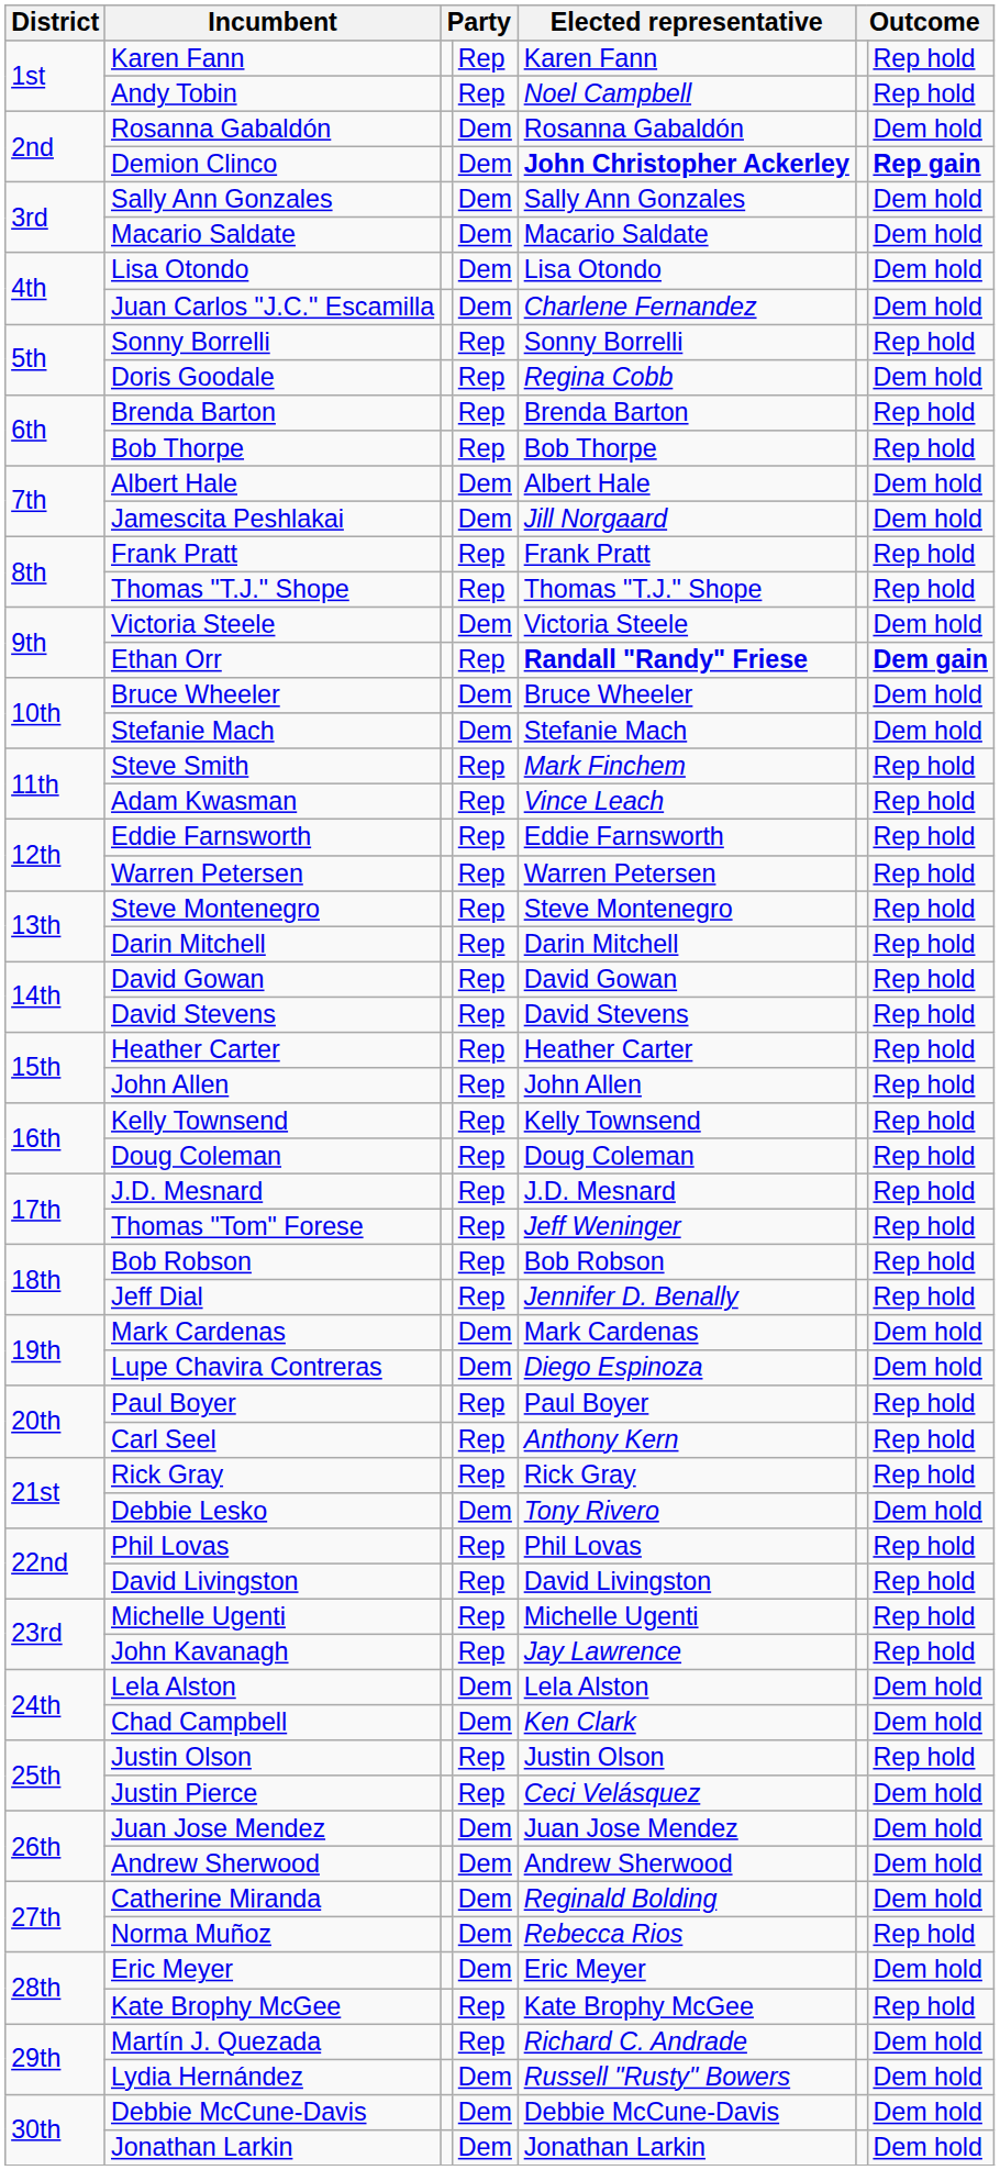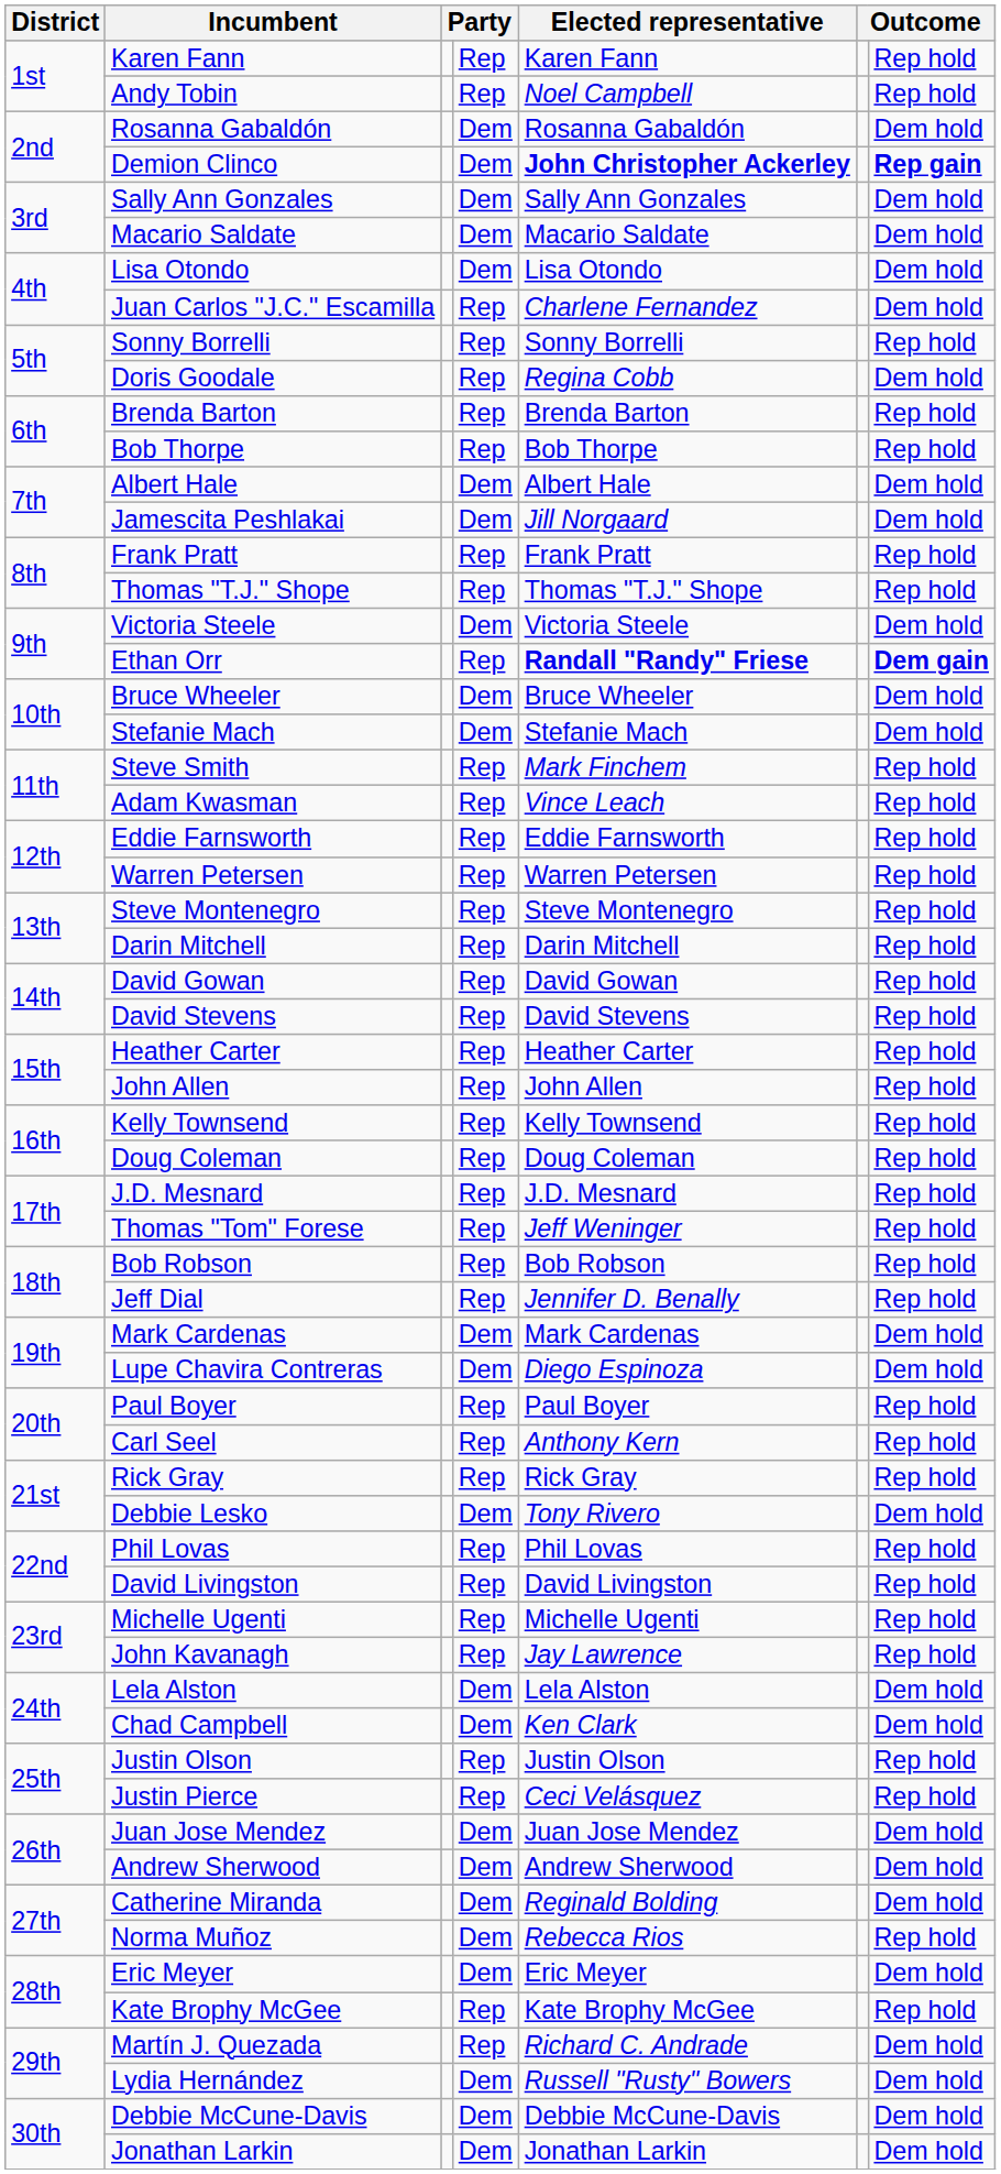 <table class="sortable wikitable" style="font-size:95%;line-height:14px;">
 <tr>
 <th>District</th>
 <th>Incumbent</th>
 <th colspan="2">Party</th>
 <th>Elected representative</th>
 <th colspan="2">Outcome</th>
 </tr>
 <tr>
 <td rowspan="2"><a href='#'>1st</a></td>
 <td><a href='#'>Karen Fann</a></td>
 <td style="background:"></td>
 <td><a href='#'>Rep</a></td>
 <td><a href='#'>Karen Fann</a></td>
 <td style="background:"></td>
 <td><a href='#'>Rep hold</a></td>
 </tr>
 <tr>
 <td><a href='#'>Andy Tobin</a></td>
 <td style="background:"></td>
 <td><a href='#'>Rep</a></td>
 <td><em><a href='#'>Noel Campbell</a></em></td>
 <td style="background:"></td>
 <td><a href='#'>Rep hold</a></td>
 </tr>
 <tr>
 <td rowspan="2"><a href='#'>2nd</a></td>
 <td><a href='#'>Rosanna Gabaldón</a></td>
 <td style="background:"></td>
 <td><a href='#'>Dem</a></td>
 <td><a href='#'>Rosanna Gabaldón</a></td>
 <td style="background:"></td>
 <td><a href='#'>Dem hold</a></td>
 </tr>
 <tr>
 <td><a href='#'>Demion Clinco</a></td>
 <td style="background:"></td>
 <td><a href='#'>Dem</a></td>
 <td><strong><a href='#'>John Christopher Ackerley</a></strong></td>
 <td style="background:"></td>
 <td><strong><a href='#'>Rep gain</a></strong></td>
 </tr>
 <tr>
 <td rowspan="2"><a href='#'>3rd</a></td>
 <td><a href='#'>Sally Ann Gonzales</a></td>
 <td style="background:"></td>
 <td><a href='#'>Dem</a></td>
 <td><a href='#'>Sally Ann Gonzales</a></td>
 <td style="background:"></td>
 <td><a href='#'>Dem hold</a></td>
 </tr>
 <tr>
 <td><a href='#'>Macario Saldate</a></td>
 <td style="background:"></td>
 <td><a href='#'>Dem</a></td>
 <td><a href='#'>Macario Saldate</a></td>
 <td style="background:"></td>
 <td><a href='#'>Dem hold</a></td>
 </tr>
 <tr>
 <td rowspan="2"><a href='#'>4th</a></td>
 <td><a href='#'>Lisa Otondo</a></td>
 <td style="background:"></td>
 <td><a href='#'>Dem</a></td>
 <td><a href='#'>Lisa Otondo</a></td>
 <td style="background:"></td>
 <td><a href='#'>Dem hold</a></td>
 </tr>
 <tr>
 <td><a href='#'>Juan Carlos "J.C." Escamilla</a></td>
 <td style="background:"></td>
-<td><a href='#'>Dem</a></td>
+<td><a href='#'>Rep</a></td>
 <td><em><a href='#'>Charlene Fernandez</a></em></td>
 <td style="background:"></td>
 <td><a href='#'>Dem hold</a></td>
 </tr>
 <tr>
 <td rowspan="2"><a href='#'>5th</a></td>
 <td><a href='#'>Sonny Borrelli</a></td>
 <td style="background:"></td>
 <td><a href='#'>Rep</a></td>
 <td><a href='#'>Sonny Borrelli</a></td>
 <td style="background:"></td>
 <td><a href='#'>Rep hold</a></td>
 </tr>
 <tr>
 <td><a href='#'>Doris Goodale</a></td>
 <td style="background:"></td>
 <td><a href='#'>Rep</a></td>
 <td><em><a href='#'>Regina Cobb</a></em></td>
 <td style="background:"></td>
 <td><a href='#'>Dem hold</a></td>
 </tr>
 <tr>
 <td rowspan="2"><a href='#'>6th</a></td>
 <td><a href='#'>Brenda Barton</a></td>
 <td style="background:"></td>
 <td><a href='#'>Rep</a></td>
 <td><a href='#'>Brenda Barton</a></td>
 <td style="background:"></td>
 <td><a href='#'>Rep hold</a></td>
 </tr>
 <tr>
 <td><a href='#'>Bob Thorpe</a></td>
 <td style="background:"></td>
 <td><a href='#'>Rep</a></td>
 <td><a href='#'>Bob Thorpe</a></td>
 <td style="background:"></td>
 <td><a href='#'>Rep hold</a></td>
 </tr>
 <tr>
 <td rowspan="2"><a href='#'>7th</a></td>
 <td><a href='#'>Albert Hale</a></td>
 <td style="background:"></td>
 <td><a href='#'>Dem</a></td>
 <td><a href='#'>Albert Hale</a></td>
 <td style="background:"></td>
 <td><a href='#'>Dem hold</a></td>
 </tr>
 <tr>
 <td><a href='#'>Jamescita Peshlakai</a></td>
 <td style="background:"></td>
 <td><a href='#'>Dem</a></td>
 <td><em><a href='#'>Jill Norgaard</a></em></td>
 <td style="background:"></td>
 <td><a href='#'>Dem hold</a></td>
 </tr>
 <tr>
 <td rowspan="2"><a href='#'>8th</a></td>
 <td><a href='#'>Frank Pratt</a></td>
 <td style="background:"></td>
 <td><a href='#'>Rep</a></td>
 <td><a href='#'>Frank Pratt</a></td>
 <td style="background:"></td>
 <td><a href='#'>Rep hold</a></td>
 </tr>
 <tr>
 <td><a href='#'>Thomas "T.J." Shope</a></td>
 <td style="background:"></td>
 <td><a href='#'>Rep</a></td>
 <td><a href='#'>Thomas "T.J." Shope</a></td>
 <td style="background:"></td>
 <td><a href='#'>Rep hold</a></td>
 </tr>
 <tr>
 <td rowspan="2"><a href='#'>9th</a></td>
 <td><a href='#'>Victoria Steele</a></td>
 <td style="background:"></td>
 <td><a href='#'>Dem</a></td>
 <td><a href='#'>Victoria Steele</a></td>
 <td style="background:"></td>
 <td><a href='#'>Dem hold</a></td>
 </tr>
 <tr>
 <td><a href='#'>Ethan Orr</a></td>
 <td style="background:"></td>
 <td><a href='#'>Rep</a></td>
 <td><strong><a href='#'>Randall "Randy" Friese</a></strong></td>
 <td style="background:"></td>
 <td><strong><a href='#'>Dem gain</a></strong></td>
 </tr>
 <tr>
 <td rowspan="2"><a href='#'>10th</a></td>
 <td><a href='#'>Bruce Wheeler</a></td>
 <td style="background:"></td>
 <td><a href='#'>Dem</a></td>
 <td><a href='#'>Bruce Wheeler</a></td>
 <td style="background:"></td>
 <td><a href='#'>Dem hold</a></td>
 </tr>
 <tr>
 <td><a href='#'>Stefanie Mach</a></td>
 <td style="background:"></td>
 <td><a href='#'>Dem</a></td>
 <td><a href='#'>Stefanie Mach</a></td>
 <td style="background:"></td>
 <td><a href='#'>Dem hold</a></td>
 </tr>
 <tr>
 <td rowspan="2"><a href='#'>11th</a></td>
 <td><a href='#'>Steve Smith</a></td>
 <td style="background:"></td>
 <td><a href='#'>Rep</a></td>
 <td><em><a href='#'>Mark Finchem</a></em></td>
 <td style="background:"></td>
 <td><a href='#'>Rep hold</a></td>
 </tr>
 <tr>
 <td><a href='#'>Adam Kwasman</a></td>
 <td style="background:"></td>
 <td><a href='#'>Rep</a></td>
 <td><em><a href='#'>Vince Leach</a></em></td>
 <td style="background:"></td>
 <td><a href='#'>Rep hold</a></td>
 </tr>
 <tr>
 <td rowspan="2"><a href='#'>12th</a></td>
 <td><a href='#'>Eddie Farnsworth</a></td>
 <td style="background:"></td>
 <td><a href='#'>Rep</a></td>
 <td><a href='#'>Eddie Farnsworth</a></td>
 <td style="background:"></td>
 <td><a href='#'>Rep hold</a></td>
 </tr>
 <tr>
 <td><a href='#'>Warren Petersen</a></td>
 <td style="background:"></td>
 <td><a href='#'>Rep</a></td>
 <td><a href='#'>Warren Petersen</a></td>
 <td style="background:"></td>
 <td><a href='#'>Rep hold</a></td>
 </tr>
 <tr>
 <td rowspan="2"><a href='#'>13th</a></td>
 <td><a href='#'>Steve Montenegro</a></td>
 <td style="background:"></td>
 <td><a href='#'>Rep</a></td>
 <td><a href='#'>Steve Montenegro</a></td>
 <td style="background:"></td>
 <td><a href='#'>Rep hold</a></td>
 </tr>
 <tr>
 <td><a href='#'>Darin Mitchell</a></td>
 <td style="background:"></td>
 <td><a href='#'>Rep</a></td>
 <td><a href='#'>Darin Mitchell</a></td>
 <td style="background:"></td>
 <td><a href='#'>Rep hold</a></td>
 </tr>
 <tr>
 <td rowspan="2"><a href='#'>14th</a></td>
 <td><a href='#'>David Gowan</a></td>
 <td style="background:"></td>
 <td><a href='#'>Rep</a></td>
 <td><a href='#'>David Gowan</a></td>
 <td style="background:"></td>
 <td><a href='#'>Rep hold</a></td>
 </tr>
 <tr>
 <td><a href='#'>David Stevens</a></td>
 <td style="background:"></td>
 <td><a href='#'>Rep</a></td>
 <td><a href='#'>David Stevens</a></td>
 <td style="background:"></td>
 <td><a href='#'>Rep hold</a></td>
 </tr>
 <tr>
 <td rowspan="2"><a href='#'>15th</a></td>
 <td><a href='#'>Heather Carter</a></td>
 <td style="background:"></td>
 <td><a href='#'>Rep</a></td>
 <td><a href='#'>Heather Carter</a></td>
 <td style="background:"></td>
 <td><a href='#'>Rep hold</a></td>
 </tr>
 <tr>
 <td><a href='#'>John Allen</a></td>
 <td style="background:"></td>
 <td><a href='#'>Rep</a></td>
 <td><a href='#'>John Allen</a></td>
 <td style="background:"></td>
 <td><a href='#'>Rep hold</a></td>
 </tr>
 <tr>
 <td rowspan="2"><a href='#'>16th</a></td>
 <td><a href='#'>Kelly Townsend</a></td>
 <td style="background:"></td>
 <td><a href='#'>Rep</a></td>
 <td><a href='#'>Kelly Townsend</a></td>
 <td style="background:"></td>
 <td><a href='#'>Rep hold</a></td>
 </tr>
 <tr>
 <td><a href='#'>Doug Coleman</a></td>
 <td style="background:"></td>
 <td><a href='#'>Rep</a></td>
 <td><a href='#'>Doug Coleman</a></td>
 <td style="background:"></td>
 <td><a href='#'>Rep hold</a></td>
 </tr>
 <tr>
 <td rowspan="2"><a href='#'>17th</a></td>
 <td><a href='#'>J.D. Mesnard</a></td>
 <td style="background:"></td>
 <td><a href='#'>Rep</a></td>
 <td><a href='#'>J.D. Mesnard</a></td>
 <td style="background:"></td>
 <td><a href='#'>Rep hold</a></td>
 </tr>
 <tr>
 <td><a href='#'>Thomas "Tom" Forese</a></td>
 <td style="background:"></td>
 <td><a href='#'>Rep</a></td>
 <td><em><a href='#'>Jeff Weninger</a></em></td>
 <td style="background:"></td>
 <td><a href='#'>Rep hold</a></td>
 </tr>
 <tr>
 <td rowspan="2"><a href='#'>18th</a></td>
 <td><a href='#'>Bob Robson</a></td>
 <td style="background:"></td>
 <td><a href='#'>Rep</a></td>
 <td><a href='#'>Bob Robson</a></td>
 <td style="background:"></td>
 <td><a href='#'>Rep hold</a></td>
 </tr>
 <tr>
 <td><a href='#'>Jeff Dial</a></td>
 <td style="background:"></td>
 <td><a href='#'>Rep</a></td>
 <td><em><a href='#'>Jennifer D. Benally</a></em></td>
 <td style="background:"></td>
 <td><a href='#'>Rep hold</a></td>
 </tr>
 <tr>
 <td rowspan="2"><a href='#'>19th</a></td>
 <td><a href='#'>Mark Cardenas</a></td>
 <td style="background:"></td>
 <td><a href='#'>Dem</a></td>
 <td><a href='#'>Mark Cardenas</a></td>
 <td style="background:"></td>
 <td><a href='#'>Dem hold</a></td>
 </tr>
 <tr>
 <td><a href='#'>Lupe Chavira Contreras</a></td>
 <td style="background:"></td>
 <td><a href='#'>Dem</a></td>
 <td><em><a href='#'>Diego Espinoza</a></em></td>
 <td style="background:"></td>
 <td><a href='#'>Dem hold</a></td>
 </tr>
 <tr>
 <td rowspan="2"><a href='#'>20th</a></td>
 <td><a href='#'>Paul Boyer</a></td>
 <td style="background:"></td>
 <td><a href='#'>Rep</a></td>
 <td><a href='#'>Paul Boyer</a></td>
 <td style="background:"></td>
 <td><a href='#'>Rep hold</a></td>
 </tr>
 <tr>
 <td><a href='#'>Carl Seel</a></td>
 <td style="background:"></td>
 <td><a href='#'>Rep</a></td>
 <td><em><a href='#'>Anthony Kern</a></em></td>
 <td style="background:"></td>
 <td><a href='#'>Rep hold</a></td>
 </tr>
 <tr>
 <td rowspan="2"><a href='#'>21st</a></td>
 <td><a href='#'>Rick Gray</a></td>
 <td style="background:"></td>
 <td><a href='#'>Rep</a></td>
 <td><a href='#'>Rick Gray</a></td>
 <td style="background:"></td>
 <td><a href='#'>Rep hold</a></td>
 </tr>
 <tr>
 <td><a href='#'>Debbie Lesko</a></td>
 <td style="background:"></td>
 <td><a href='#'>Dem</a></td>
 <td><em><a href='#'>Tony Rivero</a></em></td>
 <td style="background:"></td>
 <td><a href='#'>Dem hold</a></td>
 </tr>
 <tr>
 <td rowspan="2"><a href='#'>22nd</a></td>
 <td><a href='#'>Phil Lovas</a></td>
 <td style="background:"></td>
 <td><a href='#'>Rep</a></td>
 <td><a href='#'>Phil Lovas</a></td>
 <td style="background:"></td>
 <td><a href='#'>Rep hold</a></td>
 </tr>
 <tr>
 <td><a href='#'>David Livingston</a></td>
 <td style="background:"></td>
 <td><a href='#'>Rep</a></td>
 <td><a href='#'>David Livingston</a></td>
 <td style="background:"></td>
 <td><a href='#'>Rep hold</a></td>
 </tr>
 <tr>
 <td rowspan="2"><a href='#'>23rd</a></td>
 <td><a href='#'>Michelle Ugenti</a></td>
 <td style="background:"></td>
 <td><a href='#'>Rep</a></td>
 <td><a href='#'>Michelle Ugenti</a></td>
 <td style="background:"></td>
 <td><a href='#'>Rep hold</a></td>
 </tr>
 <tr>
 <td><a href='#'>John Kavanagh</a></td>
 <td style="background:"></td>
 <td><a href='#'>Rep</a></td>
 <td><em><a href='#'>Jay Lawrence</a></em></td>
 <td style="background:"></td>
 <td><a href='#'>Rep hold</a></td>
 </tr>
 <tr>
 <td rowspan="2"><a href='#'>24th</a></td>
 <td><a href='#'>Lela Alston</a></td>
 <td style="background:"></td>
 <td><a href='#'>Dem</a></td>
 <td><a href='#'>Lela Alston</a></td>
 <td style="background:"></td>
 <td><a href='#'>Dem hold</a></td>
 </tr>
 <tr>
 <td><a href='#'>Chad Campbell</a></td>
 <td style="background:"></td>
 <td><a href='#'>Dem</a></td>
 <td><em><a href='#'>Ken Clark</a></em></td>
 <td style="background:"></td>
 <td><a href='#'>Dem hold</a></td>
 </tr>
 <tr>
 <td rowspan="2"><a href='#'>25th</a></td>
 <td><a href='#'>Justin Olson</a></td>
 <td style="background:"></td>
 <td><a href='#'>Rep</a></td>
 <td><a href='#'>Justin Olson</a></td>
 <td style="background:"></td>
 <td><a href='#'>Rep hold</a></td>
 </tr>
 <tr>
 <td><a href='#'>Justin Pierce</a></td>
 <td style="background:"></td>
 <td><a href='#'>Rep</a></td>
 <td><em><a href='#'>Ceci Velásquez</a></em></td>
 <td style="background:"></td>
-<td><a href='#'>Dem hold</a></td>
+<td><a href='#'>Rep hold</a></td>
 </tr>
 <tr>
 <td rowspan="2"><a href='#'>26th</a></td>
 <td><a href='#'>Juan Jose Mendez</a></td>
 <td style="background:"></td>
 <td><a href='#'>Dem</a></td>
 <td><a href='#'>Juan Jose Mendez</a></td>
 <td style="background:"></td>
 <td><a href='#'>Dem hold</a></td>
 </tr>
 <tr>
 <td><a href='#'>Andrew Sherwood</a></td>
 <td style="background:"></td>
 <td><a href='#'>Dem</a></td>
 <td><a href='#'>Andrew Sherwood</a></td>
 <td style="background:"></td>
 <td><a href='#'>Dem hold</a></td>
 </tr>
 <tr>
 <td rowspan="2"><a href='#'>27th</a></td>
 <td><a href='#'>Catherine Miranda</a></td>
 <td style="background:"></td>
 <td><a href='#'>Dem</a></td>
 <td><em><a href='#'>Reginald Bolding</a></em></td>
 <td style="background:"></td>
 <td><a href='#'>Dem hold</a></td>
 </tr>
 <tr>
 <td><a href='#'>Norma Muñoz</a></td>
 <td style="background:"></td>
 <td><a href='#'>Dem</a></td>
 <td><em><a href='#'>Rebecca Rios</a></em></td>
 <td style="background:"></td>
 <td><a href='#'>Rep hold</a></td>
 </tr>
 <tr>
 <td rowspan="2"><a href='#'>28th</a></td>
 <td><a href='#'>Eric Meyer</a></td>
 <td style="background:"></td>
 <td><a href='#'>Dem</a></td>
 <td><a href='#'>Eric Meyer</a></td>
 <td style="background:"></td>
 <td><a href='#'>Dem hold</a></td>
 </tr>
 <tr>
 <td><a href='#'>Kate Brophy McGee</a></td>
 <td style="background:"></td>
 <td><a href='#'>Rep</a></td>
 <td><a href='#'>Kate Brophy McGee</a></td>
 <td style="background:"></td>
 <td><a href='#'>Rep hold</a></td>
 </tr>
 <tr>
 <td rowspan="2"><a href='#'>29th</a></td>
 <td><a href='#'>Martín J. Quezada</a></td>
 <td style="background:"></td>
 <td><a href='#'>Rep</a></td>
 <td><em><a href='#'>Richard C. Andrade</a></em></td>
 <td style="background:"></td>
 <td><a href='#'>Dem hold</a></td>
 </tr>
 <tr>
 <td><a href='#'>Lydia Hernández</a></td>
 <td style="background:"></td>
 <td><a href='#'>Dem</a></td>
 <td><em><a href='#'>Russell "Rusty" Bowers</a></em></td>
 <td style="background:"></td>
 <td><a href='#'>Dem hold</a></td>
 </tr>
 <tr>
 <td rowspan="2"><a href='#'>30th</a></td>
 <td><a href='#'>Debbie McCune-Davis</a></td>
 <td style="background:"></td>
 <td><a href='#'>Dem</a></td>
 <td><a href='#'>Debbie McCune-Davis</a></td>
 <td style="background:"></td>
 <td><a href='#'>Dem hold</a></td>
 </tr>
 <tr>
 <td><a href='#'>Jonathan Larkin</a></td>
 <td style="background:"></td>
 <td><a href='#'>Dem</a></td>
 <td><a href='#'>Jonathan Larkin</a></td>
 <td style="background:"></td>
 <td><a href='#'>Dem hold</a></td>
 </tr>
 <tr>
 </tr>
 </table>
